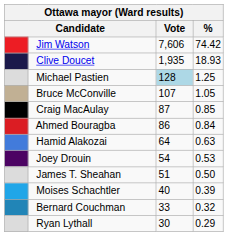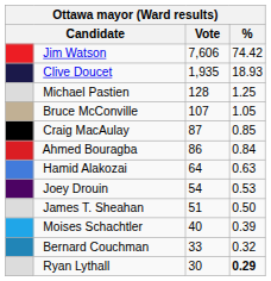 <table class="wikitable">
 <tr>
 <th colspan="4">Ottawa mayor (Ward results)</th>
 </tr>
 <tr>
 <th bgcolor="#DDDDFF" width="230px" colspan="2">Candidate</th>
 <th bgcolor="#DDDDFF" width="50px">Vote</th>
 <th bgcolor="#DDDDFF" width="30px">%</th>
 </tr>
 <tr>
 <td bgcolor=#ED1D24 width="30px"> </td>
 <td>  <a href='#'>Jim Watson</a></td>
 <td>7,606</td>
 <td>74.42</td>
 </tr>
 <tr>
 <td bgcolor=#1B194A width="30px"> </td>
 <td>  <a href='#'>Clive Doucet</a></td>
 <td>1,935</td>
 <td>18.93</td>
 </tr>
 <tr>
 <td bgcolor=#DCDCDC width="30px"> </td>
 <td>  Michael Pastien</td>
-<td style="background: lightblue;">128</td>
+<td>128</td>
 <td>1.25</td>
 </tr>
 <tr>
 <td bgcolor=#C1B094 width="30px"> </td>
 <td>  Bruce McConville</td>
 <td>107</td>
 <td>1.05</td>
 </tr>
 <tr>
 <td bgcolor=#000000 width="30px"> </td>
 <td>  Craig MacAulay</td>
 <td>87</td>
 <td>0.85</td>
 </tr>
 <tr>
 <td bgcolor=#DB1D23 width="30px"> </td>
 <td>  Ahmed Bouragba</td>
 <td>86</td>
 <td>0.84</td>
 </tr>
 <tr>
 <td bgcolor=#427BDB width="30px"> </td>
 <td>  Hamid Alakozai</td>
 <td>64</td>
 <td>0.63</td>
 </tr>
 <tr>
 <td bgcolor=#4C0363 width="30px"> </td>
 <td>  Joey Drouin</td>
 <td>54</td>
 <td>0.53</td>
 </tr>
 <tr>
 <td bgcolor=#DCDCDC width="30px"> </td>
 <td>  James T. Sheahan</td>
 <td>51</td>
 <td>0.50</td>
 </tr>
 <tr>
 <td bgcolor=#20A6E8 width="30px"> </td>
 <td>  Moises Schachtler</td>
 <td>40</td>
 <td>0.39</td>
 </tr>
 <tr>
 <td bgcolor=#2185B7 width="30px"> </td>
 <td>  Bernard Couchman</td>
 <td>33</td>
 <td>0.32</td>
 </tr>
 <tr>
 <td bgcolor=#DCDCDC width="30px"> </td>
 <td>  Ryan Lythall</td>
 <td>30</td>
-<td>0.29</td>
+<td><strong>0.29</strong></td>
 </tr>
 </table>
